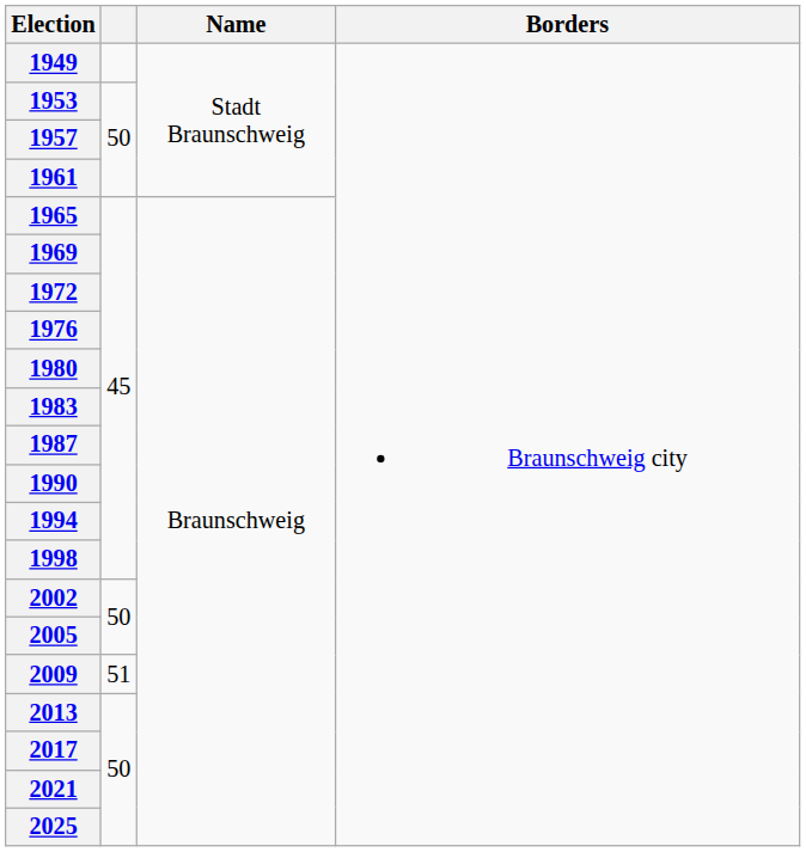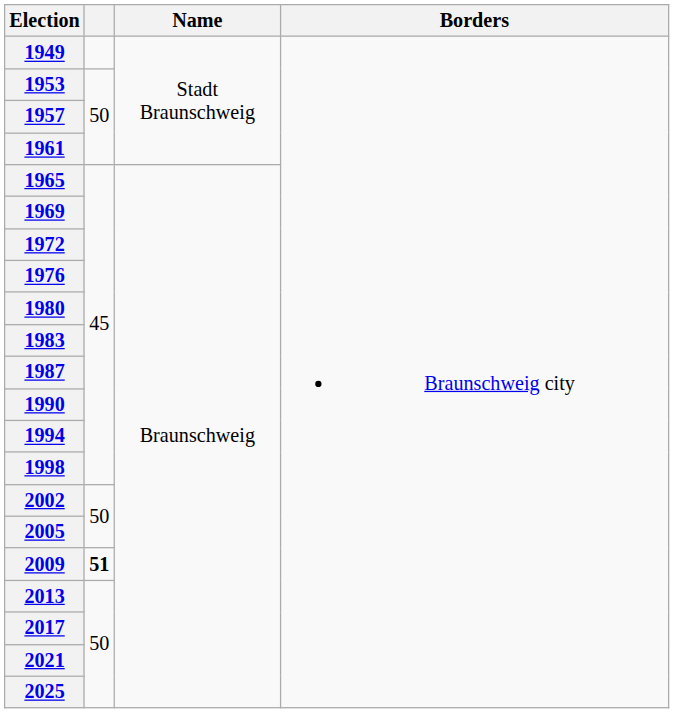 <table class=wikitable style="text-align:center">
 <tr>
 <th>Election</th>
 <th></th>
 <th width=125px>Name</th>
 <th width=300px>Borders</th>
 </tr>
 <tr>
 <th><a href='#'>1949</a></th>
 <td></td>
 <td rowspan=4>Stadt Braunschweig</td>
 <td rowspan=21><br><ul><li><a href='#'>Braunschweig</a> city</li></ul></td>
 </tr>
 <tr>
 <th><a href='#'>1953</a></th>
 <td rowspan=3>50</td>
 </tr>
 <tr>
 <th><a href='#'>1957</a></th>
 </tr>
 <tr>
 <th><a href='#'>1961</a></th>
 </tr>
 <tr>
 <th><a href='#'>1965</a></th>
 <td rowspan=10>45</td>
 <td rowspan=17>Braunschweig</td>
 </tr>
 <tr>
 <th><a href='#'>1969</a></th>
 </tr>
 <tr>
 <th><a href='#'>1972</a></th>
 </tr>
 <tr>
 <th><a href='#'>1976</a></th>
 </tr>
 <tr>
 <th><a href='#'>1980</a></th>
 </tr>
 <tr>
 <th><a href='#'>1983</a></th>
 </tr>
 <tr>
 <th><a href='#'>1987</a></th>
 </tr>
 <tr>
 <th><a href='#'>1990</a></th>
 </tr>
 <tr>
 <th><a href='#'>1994</a></th>
 </tr>
 <tr>
 <th><a href='#'>1998</a></th>
 </tr>
 <tr>
 <th><a href='#'>2002</a></th>
 <td rowspan=2>50</td>
 </tr>
 <tr>
 <th><a href='#'>2005</a></th>
 </tr>
 <tr>
 <th><a href='#'>2009</a></th>
-<td>51</td>
+<td><strong>51</strong></td>
 </tr>
 <tr>
 <th><a href='#'>2013</a></th>
 <td rowspan=4>50</td>
 </tr>
 <tr>
 <th><a href='#'>2017</a></th>
 </tr>
 <tr>
 <th><a href='#'>2021</a></th>
 </tr>
 <tr>
 <th><a href='#'>2025</a></th>
 </tr>
 </table>
